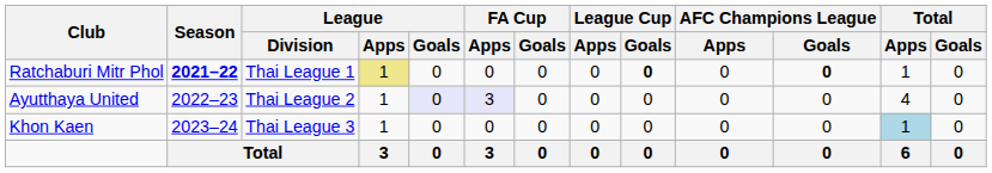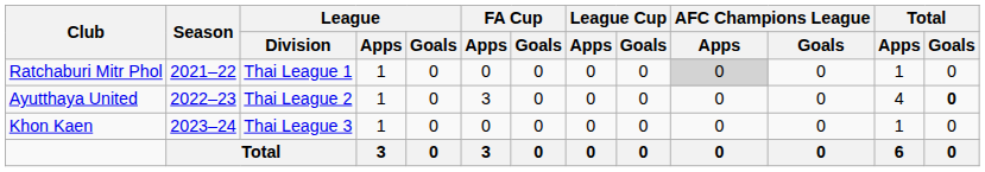 <table class="wikitable" style="text-align: center">
 <tr>
 <th rowspan="2">Club</th>
 <th rowspan="2">Season</th>
 <th colspan="3">League</th>
 <th colspan="2">FA Cup</th>
 <th colspan="2">League Cup</th>
 <th colspan="2">AFC Champions League</th>
 <th colspan="2">Total</th>
 </tr>
 <tr>
 <th>Division</th>
 <th>Apps</th>
 <th>Goals</th>
 <th>Apps</th>
 <th>Goals</th>
 <th>Apps</th>
 <th>Goals</th>
 <th>Apps</th>
 <th>Goals</th>
 <th>Apps</th>
 <th>Goals</th>
 </tr>
 <tr>
 <td align="left"><a href='#'>Ratchaburi Mitr Phol</a></td>
-<td><strong><a href='#'>2021–22</a></strong></td>
+<td><a href='#'>2021–22</a></td>
 <td><a href='#'>Thai League 1</a></td>
-<td style="background: khaki;">1</td>
+<td>1</td>
 <td>0</td>
 <td>0</td>
 <td>0</td>
 <td>0</td>
-<td><strong>0</strong></td>
 <td>0</td>
-<td><strong>0</strong></td>
+<td style="background: lightgrey;">0</td>
+<td>0</td>
 <td>1</td>
 <td>0</td>
 </tr>
 <tr>
 <td align="left"><a href='#'>Ayutthaya United</a></td>
 <td><a href='#'>2022–23</a></td>
 <td><a href='#'>Thai League 2</a></td>
 <td>1</td>
-<td style="background: lavender;">0</td>
-<td style="background: lavender;">3</td>
+<td>0</td>
+<td>3</td>
 <td>0</td>
 <td>0</td>
 <td>0</td>
 <td>0</td>
 <td>0</td>
 <td>4</td>
-<td>0</td>
+<td><strong>0</strong></td>
 </tr>
 <tr>
 <td align="left"><a href='#'>Khon Kaen</a></td>
 <td><a href='#'>2023–24</a></td>
 <td><a href='#'>Thai League 3</a></td>
 <td>1</td>
 <td>0</td>
 <td>0</td>
 <td>0</td>
 <td>0</td>
 <td>0</td>
 <td>0</td>
 <td>0</td>
-<td style="background: lightblue;">1</td>
+<td>1</td>
 <td>0</td>
 </tr>
 <tr>
 <td></td>
 <th colspan="2">Total</th>
 <th>3</th>
 <th>0</th>
 <th>3</th>
 <th>0</th>
 <th>0</th>
 <th>0</th>
 <th>0</th>
 <th>0</th>
 <th>6</th>
 <th>0</th>
 </tr>
 </table>
